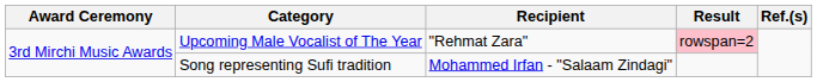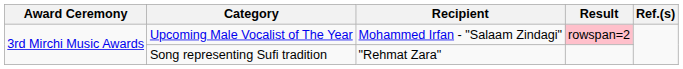 <table class="wikitable">
 <tr>
 <th>Award Ceremony</th>
 <th>Category</th>
 <th>Recipient</th>
 <th>Result</th>
 <th>Ref.(s)</th>
 </tr>
 <tr>
 <td rowspan=2><a href='#'>3rd Mirchi Music Awards</a></td>
 <td><a href='#'>Upcoming Male Vocalist of The Year</a></td>
-<td>"Rehmat Zara"</td>
+<td><a href='#'>Mohammed Irfan</a> - "Salaam Zindagi"</td>
 <td style="background: pink;">rowspan=2 </td>
 <td rowspan=2></td>
 </tr>
 <tr>
 <td>Song representing Sufi tradition</td>
-<td><a href='#'>Mohammed Irfan</a> - "Salaam Zindagi"</td>
+<td>"Rehmat Zara"</td>
 </tr>
 </table>
